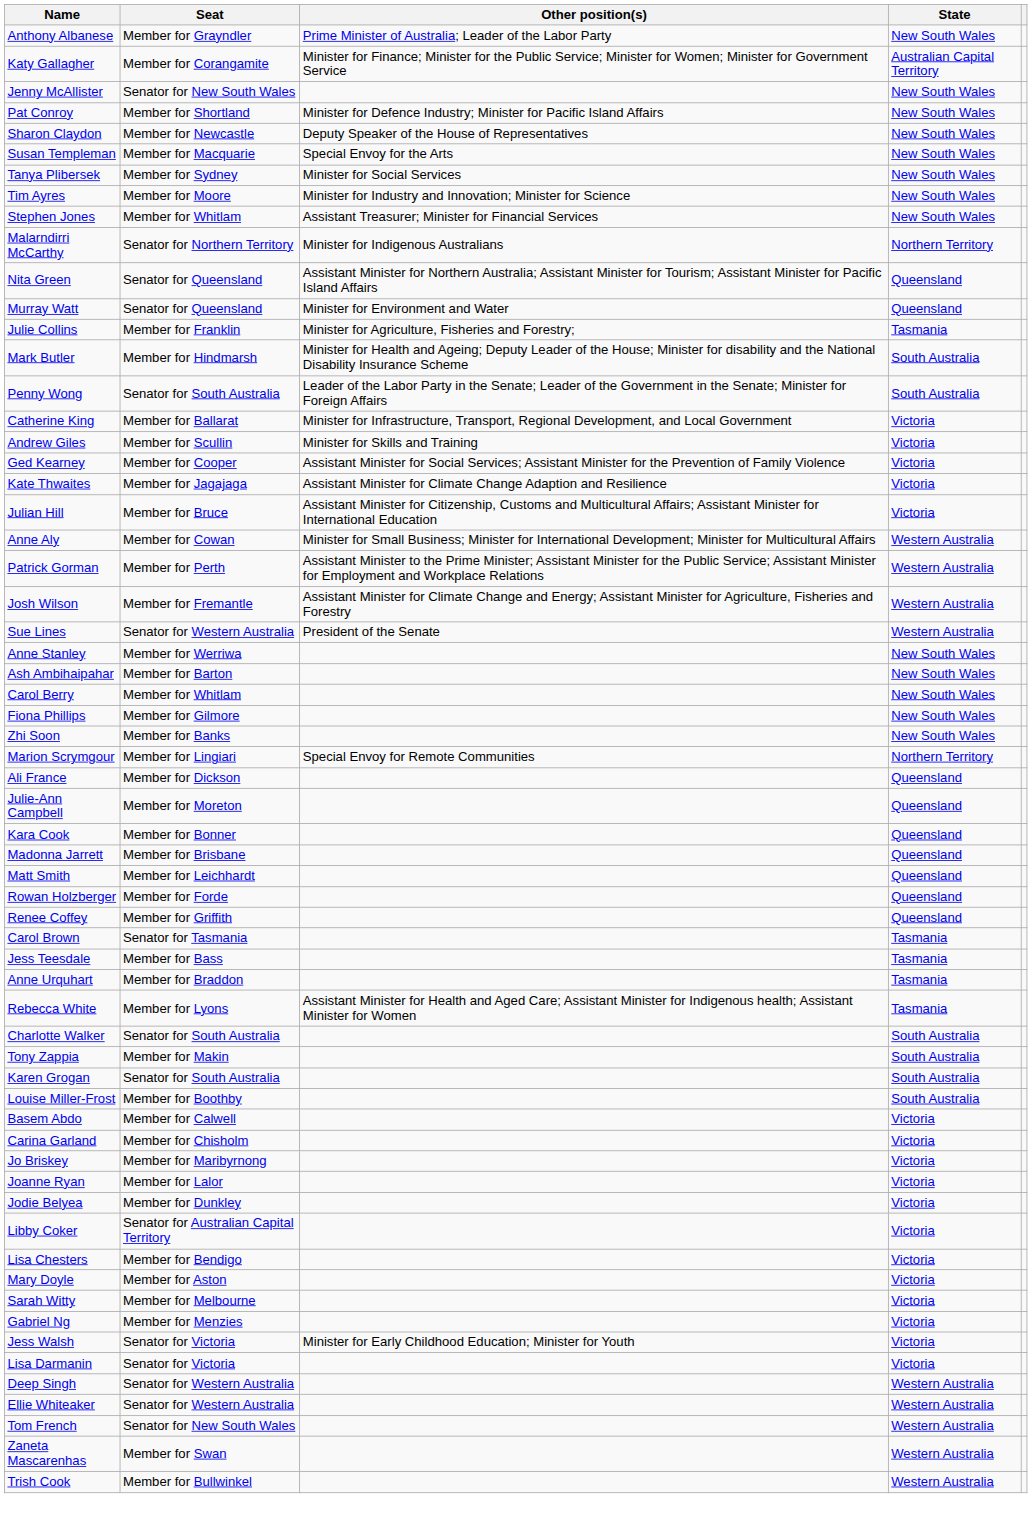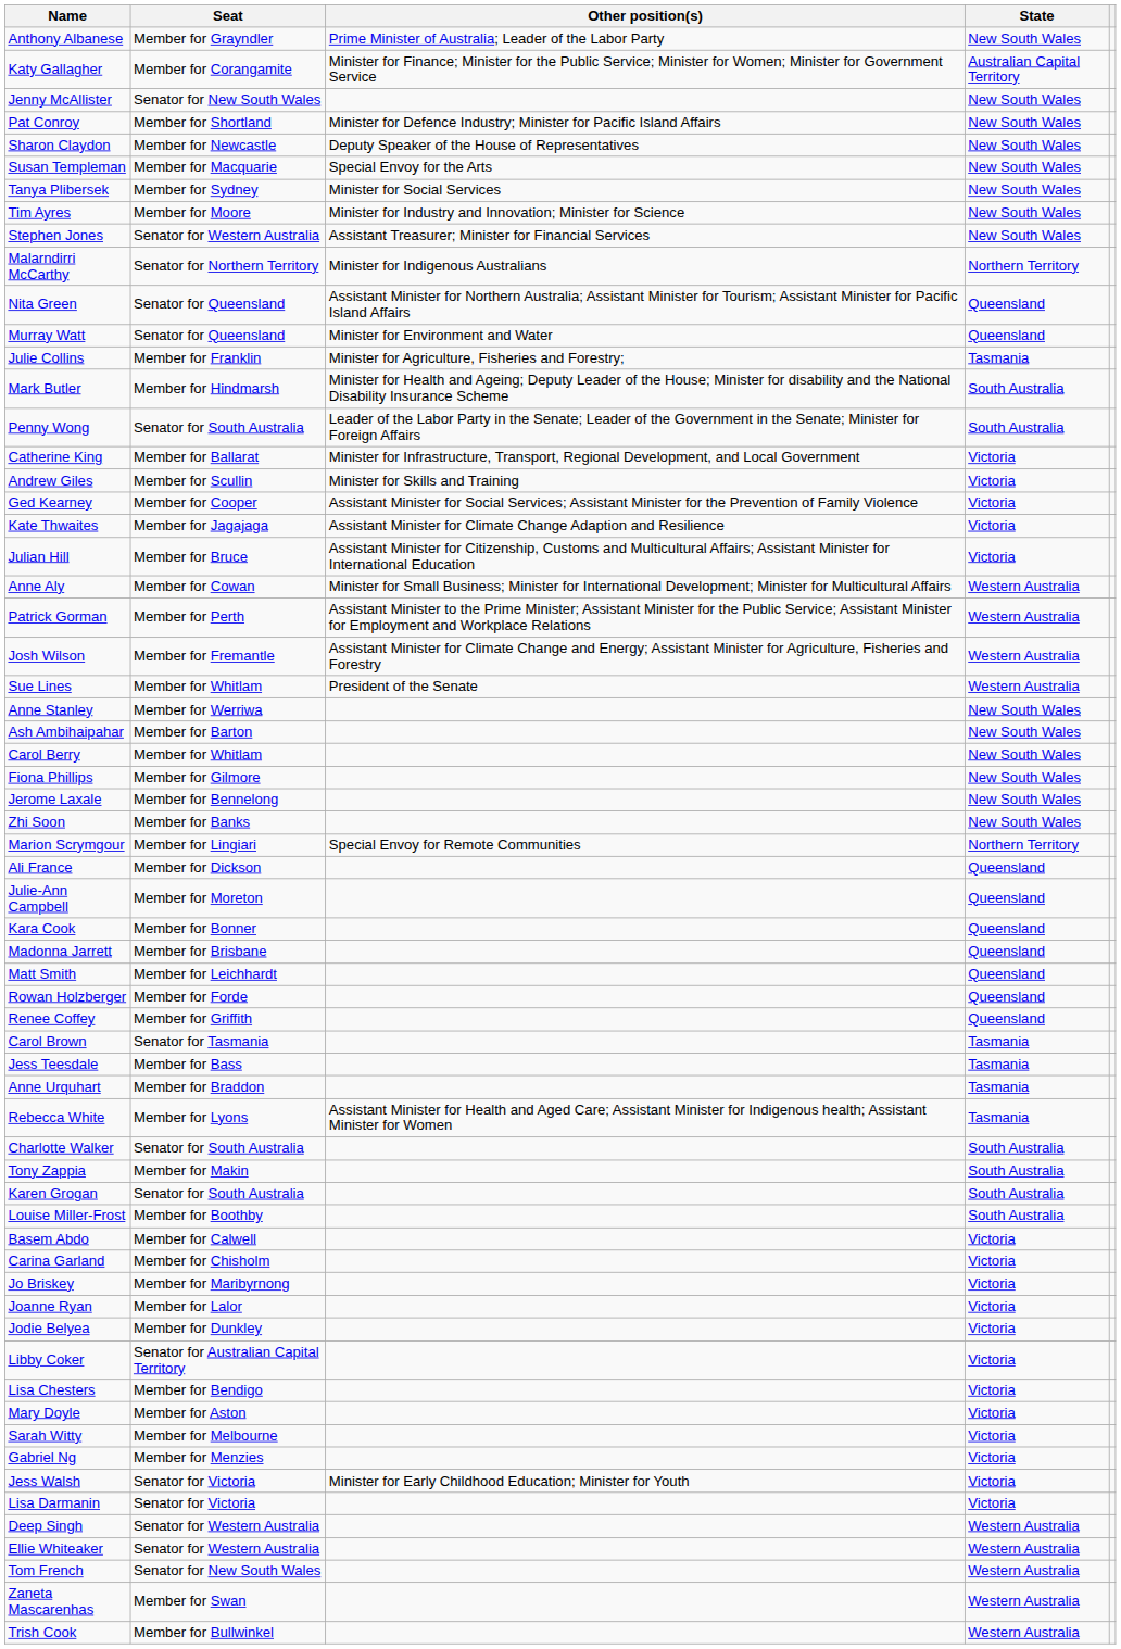 <table class="wikitable" style="vertical-align:bottom;">
 <tr>
 <th>Name</th>
 <th>Seat</th>
 <th>Other position(s)</th>
 <th>State</th>
 <th></th>
 </tr>
 <tr>
 <td><a href='#'>Anthony Albanese</a></td>
 <td>Member for <a href='#'>Grayndler</a></td>
 <td><a href='#'>Prime Minister of Australia</a>; Leader of the Labor Party</td>
 <td><a href='#'>New South Wales</a></td>
 <td align="center"></td>
 </tr>
 <tr>
 <td><a href='#'>Katy Gallagher</a></td>
 <td>Member for <a href='#'>Corangamite</a></td>
 <td>Minister for Finance; Minister for the Public Service; Minister for Women; Minister for Government Service</td>
 <td><a href='#'>Australian Capital Territory</a></td>
 <td align="center"></td>
 </tr>
 <tr>
 <td><a href='#'>Jenny McAllister</a></td>
 <td>Senator for <a href='#'>New South Wales</a></td>
 <td></td>
 <td><a href='#'>New South Wales</a></td>
 <td align="center"></td>
 </tr>
 <tr>
 <td><a href='#'>Pat Conroy</a></td>
 <td>Member for <a href='#'>Shortland</a></td>
 <td>Minister for Defence Industry; Minister for Pacific Island Affairs</td>
 <td><a href='#'>New South Wales</a></td>
 <td align="center"></td>
 </tr>
 <tr>
 <td><a href='#'>Sharon Claydon</a></td>
 <td>Member for <a href='#'>Newcastle</a></td>
 <td>Deputy Speaker of the House of Representatives</td>
 <td><a href='#'>New South Wales</a></td>
 <td align="center"></td>
 </tr>
 <tr>
 <td><a href='#'>Susan Templeman</a></td>
 <td>Member for <a href='#'>Macquarie</a></td>
 <td>Special Envoy for the Arts</td>
 <td><a href='#'>New South Wales</a></td>
 <td align="center"></td>
 </tr>
 <tr>
 <td><a href='#'>Tanya Plibersek</a></td>
 <td>Member for <a href='#'>Sydney</a></td>
 <td>Minister for Social Services</td>
 <td><a href='#'>New South Wales</a></td>
 <td align="center"></td>
 </tr>
 <tr>
 <td><a href='#'>Tim Ayres</a></td>
 <td>Member for <a href='#'>Moore</a></td>
 <td>Minister for Industry and Innovation; Minister for Science</td>
 <td><a href='#'>New South Wales</a></td>
 <td align="center"></td>
 </tr>
 <tr>
 <td><a href='#'>Stephen Jones</a></td>
-<td>Member for <a href='#'>Whitlam</a></td>
+<td>Senator for <a href='#'>Western Australia</a></td>
 <td>Assistant Treasurer; Minister for Financial Services</td>
 <td><a href='#'>New South Wales</a></td>
 <td align="center"></td>
 </tr>
 <tr>
 <td><a href='#'>Malarndirri McCarthy</a></td>
 <td>Senator for <a href='#'>Northern Territory</a></td>
 <td>Minister for Indigenous Australians</td>
 <td><a href='#'>Northern Territory</a></td>
 <td align="center"></td>
 </tr>
 <tr>
 <td><a href='#'>Nita Green</a></td>
 <td>Senator for <a href='#'>Queensland</a></td>
 <td>Assistant Minister for Northern Australia; Assistant Minister for Tourism; Assistant Minister for Pacific Island Affairs</td>
 <td><a href='#'>Queensland</a></td>
 <td align="center"></td>
 </tr>
 <tr>
 <td><a href='#'>Murray Watt</a></td>
 <td>Senator for <a href='#'>Queensland</a></td>
 <td>Minister for Environment and Water</td>
 <td><a href='#'>Queensland</a></td>
 <td align="center"></td>
 </tr>
 <tr>
 <td><a href='#'>Julie Collins</a></td>
 <td>Member for <a href='#'>Franklin</a></td>
 <td>Minister for Agriculture, Fisheries and Forestry;</td>
 <td><a href='#'>Tasmania</a></td>
 <td align="center"></td>
 </tr>
 <tr>
 <td><a href='#'>Mark Butler</a></td>
 <td>Member for <a href='#'>Hindmarsh</a></td>
 <td>Minister for Health and Ageing; Deputy Leader of the House; Minister for disability and the National Disability Insurance Scheme</td>
 <td><a href='#'>South Australia</a></td>
 <td align="center"></td>
 </tr>
 <tr>
 <td><a href='#'>Penny Wong</a></td>
 <td>Senator for <a href='#'>South Australia</a></td>
 <td>Leader of the Labor Party in the Senate; Leader of the Government in the Senate; Minister for Foreign Affairs</td>
 <td><a href='#'>South Australia</a></td>
 <td align="center"></td>
 </tr>
 <tr>
 <td><a href='#'>Catherine King</a></td>
 <td>Member for <a href='#'>Ballarat</a></td>
 <td>Minister for Infrastructure, Transport, Regional Development, and Local Government</td>
 <td><a href='#'>Victoria</a></td>
 <td align="center"></td>
 </tr>
 <tr>
 <td><a href='#'>Andrew Giles</a></td>
 <td>Member for <a href='#'>Scullin</a></td>
 <td>Minister for Skills and Training</td>
 <td><a href='#'>Victoria</a></td>
 <td align="center"></td>
 </tr>
 <tr>
 <td><a href='#'>Ged Kearney</a></td>
 <td>Member for <a href='#'>Cooper</a></td>
 <td>Assistant Minister for Social Services; Assistant Minister for the Prevention of Family Violence</td>
 <td><a href='#'>Victoria</a></td>
 <td align="center"></td>
 </tr>
 <tr>
 <td><a href='#'>Kate Thwaites</a></td>
 <td>Member for <a href='#'>Jagajaga</a></td>
 <td>Assistant Minister for Climate Change Adaption and Resilience</td>
 <td><a href='#'>Victoria</a></td>
 <td align="center"></td>
 </tr>
 <tr>
 <td><a href='#'>Julian Hill</a></td>
 <td>Member for <a href='#'>Bruce</a></td>
 <td>Assistant Minister for Citizenship, Customs and Multicultural Affairs; Assistant Minister for International Education</td>
 <td><a href='#'>Victoria</a></td>
 <td align="center"></td>
 </tr>
 <tr>
 <td><a href='#'>Anne Aly</a></td>
 <td>Member for <a href='#'>Cowan</a></td>
 <td>Minister for Small Business; Minister for International Development; Minister for Multicultural Affairs</td>
 <td><a href='#'>Western Australia</a></td>
 <td align="center"></td>
 </tr>
 <tr>
 <td><a href='#'>Patrick Gorman</a></td>
 <td>Member for <a href='#'>Perth</a></td>
 <td>Assistant Minister to the Prime Minister; Assistant Minister for the Public Service; Assistant Minister for Employment and Workplace Relations</td>
 <td><a href='#'>Western Australia</a></td>
 <td align="center"></td>
 </tr>
 <tr>
 <td><a href='#'>Josh Wilson</a></td>
 <td>Member for <a href='#'>Fremantle</a></td>
 <td>Assistant Minister for Climate Change and Energy; Assistant Minister for Agriculture, Fisheries and Forestry</td>
 <td><a href='#'>Western Australia</a></td>
 <td align="center"></td>
 </tr>
 <tr>
 <td><a href='#'>Sue Lines</a></td>
-<td>Senator for <a href='#'>Western Australia</a></td>
+<td>Member for <a href='#'>Whitlam</a></td>
 <td>President of the Senate</td>
 <td><a href='#'>Western Australia</a></td>
 <td align="center"></td>
 </tr>
 <tr>
 <td><a href='#'>Anne Stanley</a></td>
 <td>Member for <a href='#'>Werriwa</a></td>
 <td></td>
 <td><a href='#'>New South Wales</a></td>
 <td align="center"></td>
 </tr>
 <tr>
 <td><a href='#'>Ash Ambihaipahar</a></td>
 <td>Member for <a href='#'>Barton</a></td>
 <td></td>
 <td><a href='#'>New South Wales</a></td>
 <td align="center"></td>
 </tr>
 <tr>
 <td><a href='#'>Carol Berry</a></td>
 <td>Member for <a href='#'>Whitlam</a></td>
 <td></td>
 <td><a href='#'>New South Wales</a></td>
 <td align="center"></td>
 </tr>
 <tr>
 <td><a href='#'>Fiona Phillips</a></td>
 <td>Member for <a href='#'>Gilmore</a></td>
+<td></td>
+<td><a href='#'>New South Wales</a></td>
+<td align="center"></td>
+</tr>
+<tr>
+<td><a href='#'>Jerome Laxale</a></td>
+<td>Member for <a href='#'>Bennelong</a></td>
 <td></td>
 <td><a href='#'>New South Wales</a></td>
 <td align="center"></td>
 </tr>
 <tr>
 <td><a href='#'>Zhi Soon</a></td>
 <td>Member for <a href='#'>Banks</a></td>
 <td></td>
 <td><a href='#'>New South Wales</a></td>
 <td align="center"></td>
 </tr>
 <tr>
 <td><a href='#'>Marion Scrymgour</a></td>
 <td>Member for <a href='#'>Lingiari</a></td>
 <td>Special Envoy for Remote Communities</td>
 <td><a href='#'>Northern Territory</a></td>
 <td align="center"></td>
 </tr>
 <tr>
 <td><a href='#'>Ali France</a></td>
 <td>Member for <a href='#'>Dickson</a></td>
 <td></td>
 <td><a href='#'>Queensland</a></td>
 <td align="center"></td>
 </tr>
 <tr>
 <td><a href='#'>Julie-Ann Campbell</a></td>
 <td>Member for <a href='#'>Moreton</a></td>
 <td></td>
 <td><a href='#'>Queensland</a></td>
 <td align="center"></td>
 </tr>
 <tr>
 <td><a href='#'>Kara Cook</a></td>
 <td>Member for <a href='#'>Bonner</a></td>
 <td></td>
 <td><a href='#'>Queensland</a></td>
 <td align="center"></td>
 </tr>
 <tr>
 <td><a href='#'>Madonna Jarrett</a></td>
 <td>Member for <a href='#'>Brisbane</a></td>
 <td></td>
 <td><a href='#'>Queensland</a></td>
 <td align="center"></td>
 </tr>
 <tr>
 <td><a href='#'>Matt Smith</a></td>
 <td>Member for <a href='#'>Leichhardt</a></td>
 <td></td>
 <td><a href='#'>Queensland</a></td>
 <td align="center"></td>
 </tr>
 <tr>
 <td><a href='#'>Rowan Holzberger</a></td>
 <td>Member for <a href='#'>Forde</a></td>
 <td></td>
 <td><a href='#'>Queensland</a></td>
 <td align="center”"></td>
 </tr>
 <tr>
 <td><a href='#'>Renee Coffey</a></td>
 <td>Member for <a href='#'>Griffith</a></td>
 <td></td>
 <td><a href='#'>Queensland</a></td>
 <td align="center"></td>
 </tr>
 <tr>
 <td><a href='#'>Carol Brown</a></td>
 <td>Senator for <a href='#'>Tasmania</a></td>
 <td></td>
 <td><a href='#'>Tasmania</a></td>
 <td align="center"></td>
 </tr>
 <tr>
 <td><a href='#'>Jess Teesdale</a></td>
 <td>Member for <a href='#'>Bass</a></td>
 <td></td>
 <td><a href='#'>Tasmania</a></td>
 <td align="center"></td>
 </tr>
 <tr>
 <td><a href='#'>Anne Urquhart</a></td>
 <td>Member for <a href='#'>Braddon</a></td>
 <td></td>
 <td><a href='#'>Tasmania</a></td>
 <td align="center"></td>
 </tr>
 <tr>
 <td><a href='#'>Rebecca White</a></td>
 <td>Member for <a href='#'>Lyons</a></td>
 <td>Assistant Minister for Health and Aged Care; Assistant Minister for Indigenous health; Assistant Minister for Women</td>
 <td><a href='#'>Tasmania</a></td>
 <td align="center"></td>
 </tr>
 <tr>
 <td><a href='#'>Charlotte Walker</a></td>
 <td>Senator for <a href='#'>South Australia</a></td>
 <td></td>
 <td><a href='#'>South Australia</a></td>
 <td align="center"></td>
 </tr>
 <tr>
 <td><a href='#'>Tony Zappia</a></td>
 <td>Member for <a href='#'>Makin</a></td>
 <td></td>
 <td><a href='#'>South Australia</a></td>
 <td align="center"></td>
 </tr>
 <tr>
 <td><a href='#'>Karen Grogan</a></td>
 <td>Senator for <a href='#'>South Australia</a></td>
 <td></td>
 <td><a href='#'>South Australia</a></td>
 <td align="center"></td>
 </tr>
 <tr>
 <td><a href='#'>Louise Miller-Frost</a></td>
 <td>Member for <a href='#'>Boothby</a></td>
 <td></td>
 <td><a href='#'>South Australia</a></td>
 <td align="center"></td>
 </tr>
 <tr>
 <td><a href='#'>Basem Abdo</a></td>
 <td>Member for <a href='#'>Calwell</a></td>
 <td></td>
 <td><a href='#'>Victoria</a></td>
 <td align="center"></td>
 </tr>
 <tr>
 <td><a href='#'>Carina Garland</a></td>
 <td>Member for <a href='#'>Chisholm</a></td>
 <td></td>
 <td><a href='#'>Victoria</a></td>
 <td align="center"></td>
 </tr>
 <tr>
 <td><a href='#'>Jo Briskey</a></td>
 <td>Member for <a href='#'>Maribyrnong</a></td>
 <td></td>
 <td><a href='#'>Victoria</a></td>
 <td align="center"></td>
 </tr>
 <tr>
 <td><a href='#'>Joanne Ryan</a></td>
 <td>Member for <a href='#'>Lalor</a></td>
 <td></td>
 <td><a href='#'>Victoria</a></td>
 <td align="center"></td>
 </tr>
 <tr>
 <td><a href='#'>Jodie Belyea</a></td>
 <td>Member for <a href='#'>Dunkley</a></td>
 <td></td>
 <td><a href='#'>Victoria</a></td>
 <td align="center"></td>
 </tr>
 <tr>
 <td><a href='#'>Libby Coker</a></td>
 <td>Senator for <a href='#'>Australian Capital Territory</a></td>
 <td></td>
 <td><a href='#'>Victoria</a></td>
 <td align="center"></td>
 </tr>
 <tr>
 <td><a href='#'>Lisa Chesters</a></td>
 <td>Member for <a href='#'>Bendigo</a></td>
 <td></td>
 <td><a href='#'>Victoria</a></td>
 <td align="center"></td>
 </tr>
 <tr>
 <td><a href='#'>Mary Doyle</a></td>
 <td>Member for <a href='#'>Aston</a></td>
 <td></td>
 <td><a href='#'>Victoria</a></td>
 <td align="center"></td>
 </tr>
 <tr>
 <td><a href='#'>Sarah Witty</a></td>
 <td>Member for <a href='#'>Melbourne</a></td>
 <td></td>
 <td><a href='#'>Victoria</a></td>
 <td align="center"></td>
 </tr>
 <tr>
 <td><a href='#'>Gabriel Ng</a></td>
 <td>Member for <a href='#'>Menzies</a></td>
 <td></td>
 <td><a href='#'>Victoria</a></td>
 <td align="center"></td>
 </tr>
 <tr>
 <td><a href='#'>Jess Walsh</a></td>
 <td>Senator for <a href='#'>Victoria</a></td>
 <td>Minister for Early Childhood Education; Minister for Youth</td>
 <td><a href='#'>Victoria</a></td>
 <td align="center"></td>
 </tr>
 <tr>
 <td><a href='#'>Lisa Darmanin</a></td>
 <td>Senator for <a href='#'>Victoria</a></td>
 <td></td>
 <td><a href='#'>Victoria</a></td>
 <td align="center"></td>
 </tr>
 <tr>
 <td><a href='#'>Deep Singh</a></td>
 <td>Senator for <a href='#'>Western Australia</a></td>
 <td></td>
 <td><a href='#'>Western Australia</a></td>
 <td align="center"></td>
 </tr>
 <tr>
 <td><a href='#'>Ellie Whiteaker</a></td>
 <td>Senator for <a href='#'>Western Australia</a></td>
 <td></td>
 <td><a href='#'>Western Australia</a></td>
 <td align="center"></td>
 </tr>
 <tr>
 <td><a href='#'>Tom French</a></td>
 <td>Senator for <a href='#'>New South Wales</a></td>
 <td></td>
 <td><a href='#'>Western Australia</a></td>
 <td align="center"></td>
 </tr>
 <tr>
 <td><a href='#'>Zaneta Mascarenhas</a></td>
 <td>Member for <a href='#'>Swan</a></td>
 <td></td>
 <td><a href='#'>Western Australia</a></td>
 <td align="center"></td>
 </tr>
 <tr>
 <td><a href='#'>Trish Cook</a></td>
 <td>Member for <a href='#'>Bullwinkel</a></td>
 <td></td>
 <td><a href='#'>Western Australia</a></td>
 <td align="center"></td>
 </tr>
 </table>
